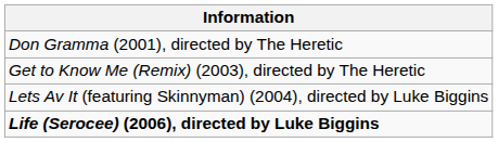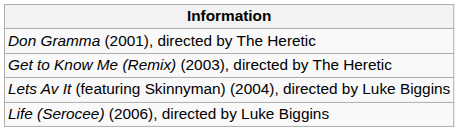 <table class="wikitable">
 <tr>
 <th align="center">Information</th>
 </tr>
 <tr>
 <td align="left"><em>Don Gramma</em> (2001), directed by The Heretic</td>
 </tr>
 <tr>
 <td align="left"><em>Get to Know Me (Remix)</em> (2003), directed by The Heretic</td>
 </tr>
 <tr>
 <td align="left"><em>Lets Av It</em> (featuring Skinnyman) (2004), directed by Luke Biggins</td>
 </tr>
 <tr>
-<td align="left"><strong><em>Life (Serocee)</em> (2006), directed by Luke Biggins</strong></td>
+<td align="left"><em>Life (Serocee)</em> (2006), directed by Luke Biggins</td>
 </tr>
 </table>
